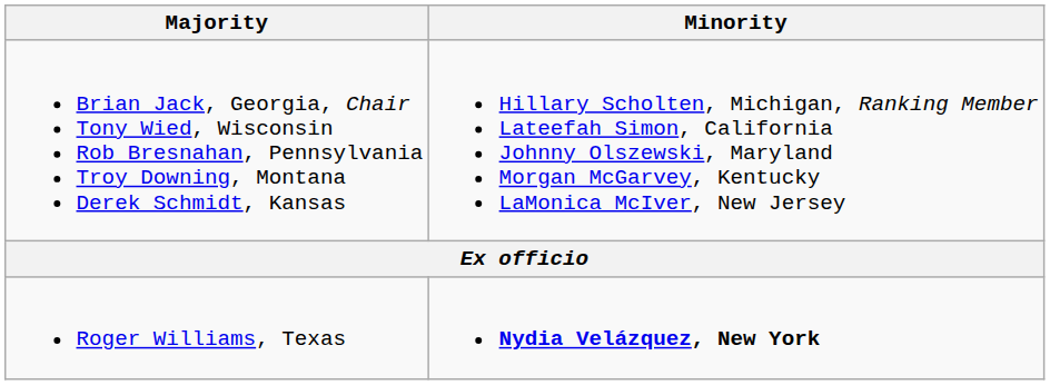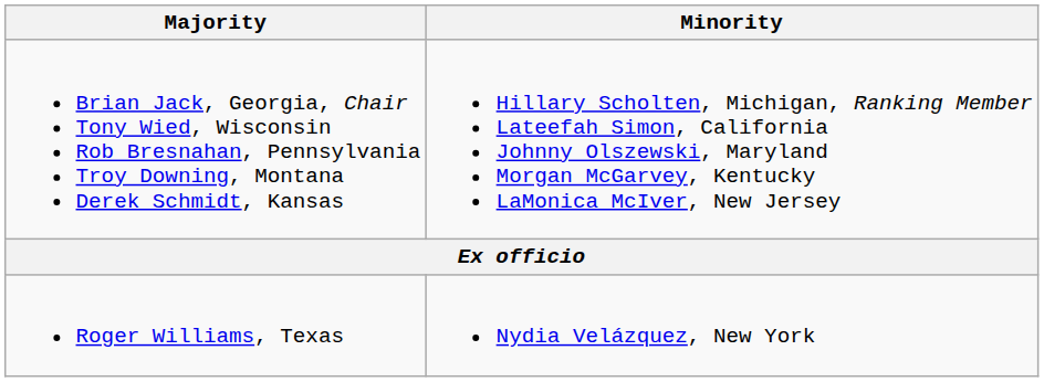 <table class=wikitable>
 <tr>
 <th>Majority</th>
 <th>Minority</th>
 </tr>
 <tr>
 <td><br><ul><li><a href='#'>Brian Jack</a>, Georgia, <em>Chair</em></li><li><a href='#'>Tony Wied</a>, Wisconsin</li><li><a href='#'>Rob Bresnahan</a>, Pennsylvania</li><li><a href='#'>Troy Downing</a>, Montana</li><li><a href='#'>Derek Schmidt</a>, Kansas</li></ul></td>
 <td><br><ul><li><a href='#'>Hillary Scholten</a>, Michigan, <em>Ranking Member</em></li><li><a href='#'>Lateefah Simon</a>, California</li><li><a href='#'>Johnny Olszewski</a>, Maryland</li><li><a href='#'>Morgan McGarvey</a>, Kentucky</li><li><a href='#'>LaMonica McIver</a>, New Jersey</li></ul></td>
 </tr>
 <tr>
 <th colspan=2><em>Ex officio</em></th>
 </tr>
 <tr>
 <td><br><ul><li><a href='#'>Roger Williams</a>, Texas</li></ul></td>
-<td><strong><br><ul><li><a href='#'>Nydia Velázquez</a>, New York</li></ul></strong></td>
+<td><br><ul><li><a href='#'>Nydia Velázquez</a>, New York</li></ul></td>
 </tr>
 </table>
